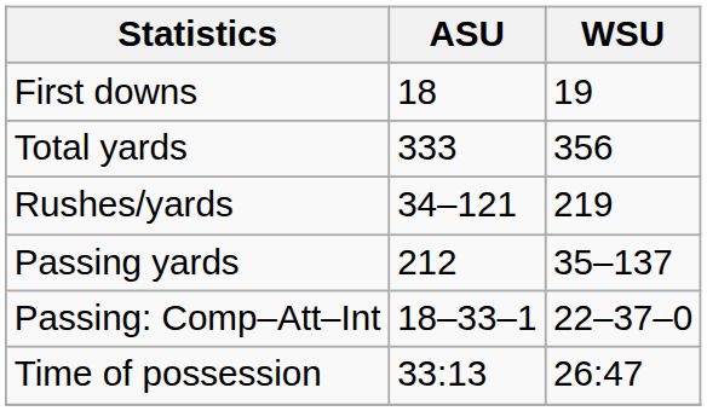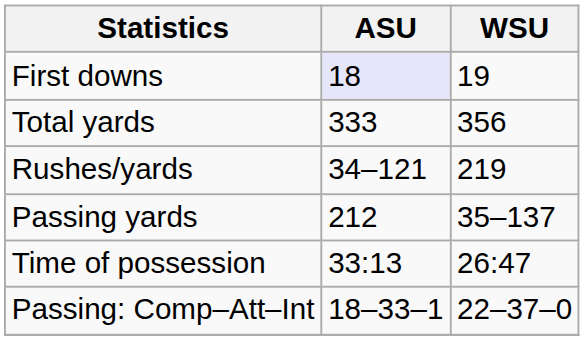 <table class="wikitable" style="float: left;">
 <tr>
 <th>Statistics</th>
 <th>ASU</th>
 <th>WSU</th>
 </tr>
 <tr>
 <td>First downs</td>
-<td>18</td>
+<td style="background: lavender;">18</td>
 <td>19</td>
 </tr>
 <tr>
 <td>Total yards</td>
 <td>333</td>
 <td>356</td>
 </tr>
 <tr>
 <td>Rushes/yards</td>
 <td>34–121</td>
 <td>219</td>
 </tr>
 <tr>
 <td>Passing yards</td>
 <td>212</td>
 <td>35–137</td>
 </tr>
 <tr>
+<td>Time of possession</td>
+<td>33:13</td>
+<td>26:47</td>
+</tr>
+<tr>
 <td>Passing: Comp–Att–Int</td>
 <td>18–33–1</td>
 <td>22–37–0</td>
 </tr>
 <tr>
-<td>Time of possession</td>
-<td>33:13</td>
-<td>26:47</td>
-</tr>
-<tr>
 </tr>
 </table>
